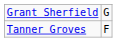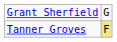 <table class="wikitable sortable">
 <tr>
 <td><a href='#'>Grant Sherfield</a></td>
 <td>G</td>
 </tr>
 <tr>
 <td><a href='#'>Tanner Groves</a></td>
-<td>F</td>
+<td style="background: khaki;">F</td>
 </tr>
 </table>
